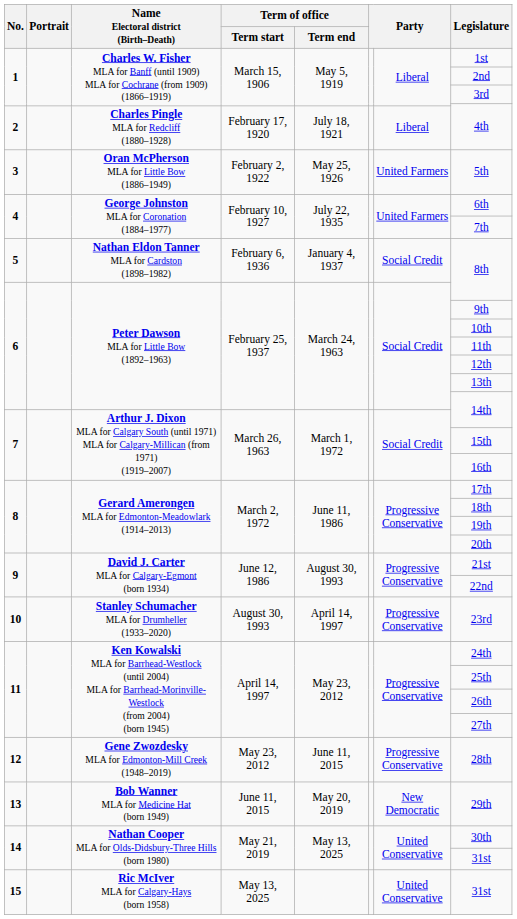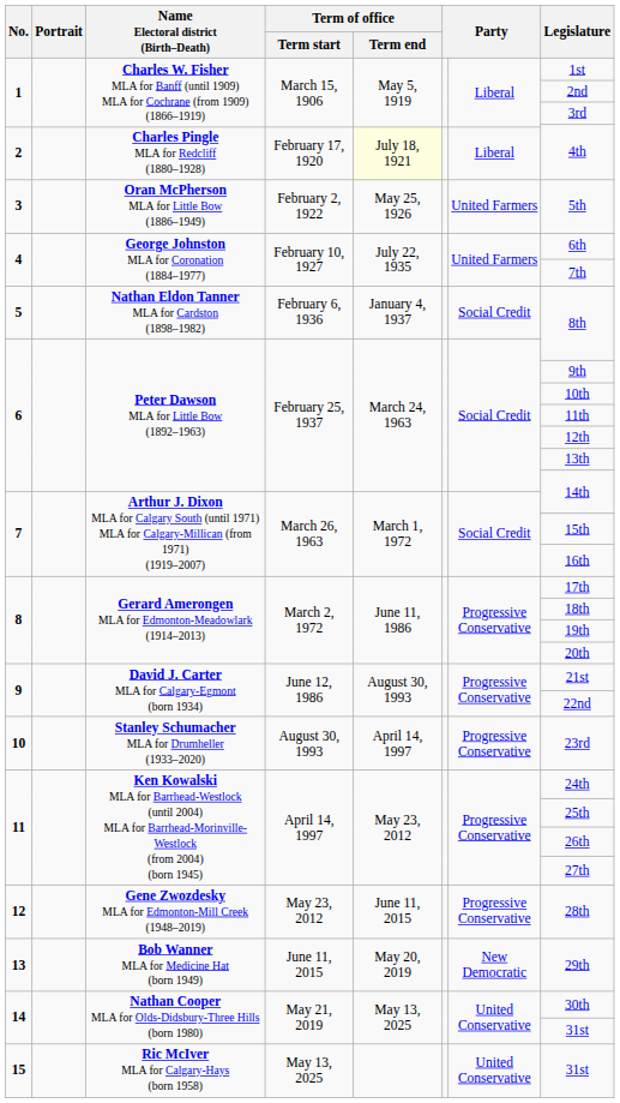 <table class="wikitable" style="text-align:center">
 <tr>
 <th rowspan="2">No.</th>
 <th rowspan="2" scope="col">Portrait</th>
 <th rowspan="2" scope="col" width="200px">Name<br><small>Electoral district<br>(Birth–Death)</small></th>
 <th colspan="2" scope="col" width="100px">Term of office</th>
 <th colspan="2" rowspan="2">Party</th>
 <th rowspan="2">Legislature</th>
 </tr>
 <tr>
 <th width="95px">Term start</th>
 <th width="95px">Term end</th>
 </tr>
 <tr>
 <td rowspan="4"><strong>1</strong></td>
 <td rowspan="4"></td>
 <td rowspan="4"><a href='#'><strong>Charles W. Fisher</strong></a><br><small>MLA for <a href='#'>Banff</a> (until 1909)<br>MLA for <a href='#'>Cochrane</a> (from 1909)</small><br><small>(1866–1919)</small></td>
 <td rowspan="4">March 15,<br>1906</td>
 <td rowspan="4">May 5,<br>1919</td>
 <td rowspan="4" style="background:"></td>
 <td rowspan="4" width="100px"><a href='#'>Liberal</a></td>
 <td><a href='#'>1st</a></td>
 </tr>
 <tr>
 <td><a href='#'>2nd</a></td>
 </tr>
 <tr>
 <td><a href='#'>3rd</a></td>
 </tr>
 <tr>
 <td rowspan="2"><a href='#'>4th</a></td>
 </tr>
 <tr>
 <td><strong>2</strong></td>
 <td></td>
 <td><strong><a href='#'>Charles Pingle</a></strong><br><small>MLA for <a href='#'>Redcliff</a></small><br><small>(1880–1928)</small></td>
 <td>February 17,<br>1920</td>
-<td>July 18,<br>1921</td>
+<td style="background: lightyellow;">July 18,<br>1921</td>
 <td style="background:"></td>
 <td><a href='#'>Liberal</a></td>
 </tr>
 <tr>
 <td><strong>3</strong></td>
 <td></td>
 <td><strong><a href='#'>Oran McPherson</a></strong><br><small>MLA for <a href='#'>Little Bow</a></small><br><small>(1886–1949)</small></td>
 <td>February 2,<br>1922</td>
 <td>May 25,<br>1926</td>
 <td style="background:"></td>
 <td><a href='#'>United Farmers</a></td>
 <td><a href='#'>5th</a></td>
 </tr>
 <tr>
 <td rowspan="2"><strong>4</strong></td>
 <td rowspan="2"></td>
 <td rowspan="2"><a href='#'><strong>George Johnston</strong></a><br><small>MLA for <a href='#'>Coronation</a></small><br><small>(1884–1977)</small></td>
 <td rowspan="2">February 10,<br>1927</td>
 <td rowspan="2">July 22,<br>1935</td>
 <td rowspan="2" style="background:"></td>
 <td rowspan="2"><a href='#'>United Farmers</a></td>
 <td><a href='#'>6th</a></td>
 </tr>
 <tr>
 <td><a href='#'>7th</a></td>
 </tr>
 <tr>
 <td><strong>5</strong></td>
 <td></td>
 <td><strong><a href='#'>Nathan Eldon Tanner</a></strong><br><small>MLA for <a href='#'>Cardston</a></small><br><small>(1898–1982)</small></td>
 <td>February 6,<br>1936</td>
 <td>January 4,<br>1937</td>
 <td style="background:"></td>
 <td><a href='#'>Social Credit</a></td>
 <td rowspan="2"><a href='#'>8th</a></td>
 </tr>
 <tr style="height:25px">
 <td rowspan="7"><strong>6</strong></td>
 <td rowspan="7"></td>
 <td rowspan="7"><a href='#'><strong>Peter Dawson</strong></a><br><small>MLA for <a href='#'>Little Bow</a></small><br><small>(1892–1963)</small></td>
 <td rowspan="7">February 25,<br>1937</td>
 <td rowspan="7">March 24,<br>1963</td>
 <td rowspan="7" style="background:"></td>
 <td rowspan="7"><a href='#'>Social Credit</a></td>
 </tr>
 <tr>
 <td><a href='#'>9th</a></td>
 </tr>
 <tr>
 <td><a href='#'>10th</a></td>
 </tr>
 <tr>
 <td><a href='#'>11th</a></td>
 </tr>
 <tr>
 <td><a href='#'>12th</a></td>
 </tr>
 <tr>
 <td><a href='#'>13th</a></td>
 </tr>
 <tr style="height:25px">
 <td rowspan="2"><a href='#'>14th</a></td>
 </tr>
 <tr style="height:25px">
 <td rowspan="3"><strong>7</strong></td>
 <td rowspan="3"></td>
 <td rowspan="3"><strong><a href='#'>Arthur J. Dixon</a></strong><br><small>MLA for <a href='#'>Calgary South</a> (until 1971)<br>MLA for <a href='#'>Calgary-Millican</a> (from 1971)</small><br><small>(1919–2007)</small></td>
 <td rowspan="3">March 26,<br>1963</td>
 <td rowspan="3">March 1,<br>1972</td>
 <td rowspan="3" style="background:"></td>
 <td rowspan="3"><a href='#'>Social Credit</a></td>
 </tr>
 <tr>
 <td><a href='#'>15th</a></td>
 </tr>
 <tr>
 <td><a href='#'>16th</a></td>
 </tr>
 <tr>
 <td rowspan="4"><strong>8</strong></td>
 <td rowspan="4"></td>
 <td rowspan="4"><strong><a href='#'>Gerard Amerongen</a></strong><br><small>MLA for <a href='#'>Edmonton-Meadowlark</a></small><br><small>(1914–2013)</small></td>
 <td rowspan="4">March 2,<br>1972</td>
 <td rowspan="4">June 11,<br>1986</td>
 <td rowspan="4" style="background:"></td>
 <td rowspan="4"><a href='#'>Progressive Conservative</a></td>
 <td><a href='#'>17th</a></td>
 </tr>
 <tr>
 <td><a href='#'>18th</a></td>
 </tr>
 <tr>
 <td><a href='#'>19th</a></td>
 </tr>
 <tr>
 <td><a href='#'>20th</a></td>
 </tr>
 <tr>
 <td rowspan="2"><strong>9</strong></td>
 <td rowspan="2"></td>
 <td rowspan="2"><strong><a href='#'>David J. Carter</a></strong><br><small>MLA for <a href='#'>Calgary-Egmont</a></small><br><small>(born 1934)</small></td>
 <td rowspan="2">June 12,<br>1986</td>
 <td rowspan="2">August 30,<br>1993</td>
 <td rowspan="2" style="background:"></td>
 <td rowspan="2"><a href='#'>Progressive Conservative</a></td>
 <td><a href='#'>21st</a></td>
 </tr>
 <tr>
 <td><a href='#'>22nd</a></td>
 </tr>
 <tr>
 <td><strong>10</strong></td>
 <td></td>
 <td><strong><a href='#'>Stanley Schumacher</a></strong><br><small>MLA for <a href='#'>Drumheller</a></small><br><small>(1933–2020)</small></td>
 <td>August 30,<br>1993</td>
 <td>April 14,<br>1997</td>
 <td style="background:"></td>
 <td><a href='#'>Progressive Conservative</a></td>
 <td><a href='#'>23rd</a></td>
 </tr>
 <tr>
 <td rowspan="4"><strong>11</strong></td>
 <td rowspan="4"></td>
 <td rowspan="4"><strong><a href='#'>Ken Kowalski</a></strong><br><small>MLA for <a href='#'>Barrhead-Westlock</a><br>(until 2004)<br>MLA for <a href='#'>Barrhead-Morinville-Westlock</a><br>(from 2004)</small><br><small>(born 1945)</small></td>
 <td rowspan="4">April 14,<br>1997</td>
 <td rowspan="4">May 23,<br>2012</td>
 <td rowspan="4" style="background:"></td>
 <td rowspan="4"><a href='#'>Progressive Conservative</a></td>
 <td><a href='#'>24th</a></td>
 </tr>
 <tr>
 <td><a href='#'>25th</a></td>
 </tr>
 <tr>
 <td><a href='#'>26th</a></td>
 </tr>
 <tr>
 <td><a href='#'>27th</a></td>
 </tr>
 <tr>
 <td><strong>12</strong></td>
 <td></td>
 <td><strong><a href='#'>Gene Zwozdesky</a></strong><br><small>MLA for <a href='#'>Edmonton-Mill Creek</a></small><br><small>(1948–2019)</small></td>
 <td>May 23,<br>2012</td>
 <td>June 11,<br>2015</td>
 <td style="background:"></td>
 <td><a href='#'>Progressive Conservative</a></td>
 <td><a href='#'>28th</a></td>
 </tr>
 <tr>
 <td><strong>13</strong></td>
 <td></td>
 <td><strong><a href='#'>Bob Wanner</a></strong><br><small>MLA for <a href='#'>Medicine Hat</a></small><br><small>(born 1949)</small></td>
 <td>June 11,<br>2015</td>
 <td>May 20,<br>2019</td>
 <td style="background:"></td>
 <td><a href='#'>New Democratic</a></td>
 <td><a href='#'>29th</a></td>
 </tr>
 <tr>
 <td rowspan="2"><strong>14</strong></td>
 <td rowspan="2"></td>
 <td rowspan="2"><a href='#'><strong>Nathan Cooper</strong></a><br><small>MLA for <a href='#'>Olds-Didsbury-Three Hills</a></small><br><small>(born 1980)</small></td>
 <td rowspan="2">May 21,<br>2019</td>
 <td rowspan="2">May 13,<br>2025</td>
 <td rowspan="2" style="background:"></td>
 <td rowspan="2"><a href='#'>United Conservative</a></td>
 <td><a href='#'>30th</a></td>
 </tr>
 <tr>
 <td><a href='#'>31st</a></td>
 </tr>
 <tr>
 <td rowspan="2"><strong>15</strong></td>
 <td rowspan="2"></td>
 <td rowspan="2"><strong><a href='#'>Ric McIver</a></strong><br><small>MLA for <a href='#'>Calgary-Hays</a></small><br><small>(born 1958)</small></td>
 <td rowspan="2">May 13,<br>2025</td>
 <td rowspan="2"></td>
 <td rowspan="2" style="background:"></td>
 <td rowspan="2"><a href='#'>United Conservative</a></td>
 <td><a href='#'>31st</a></td>
 </tr>
 </table>
